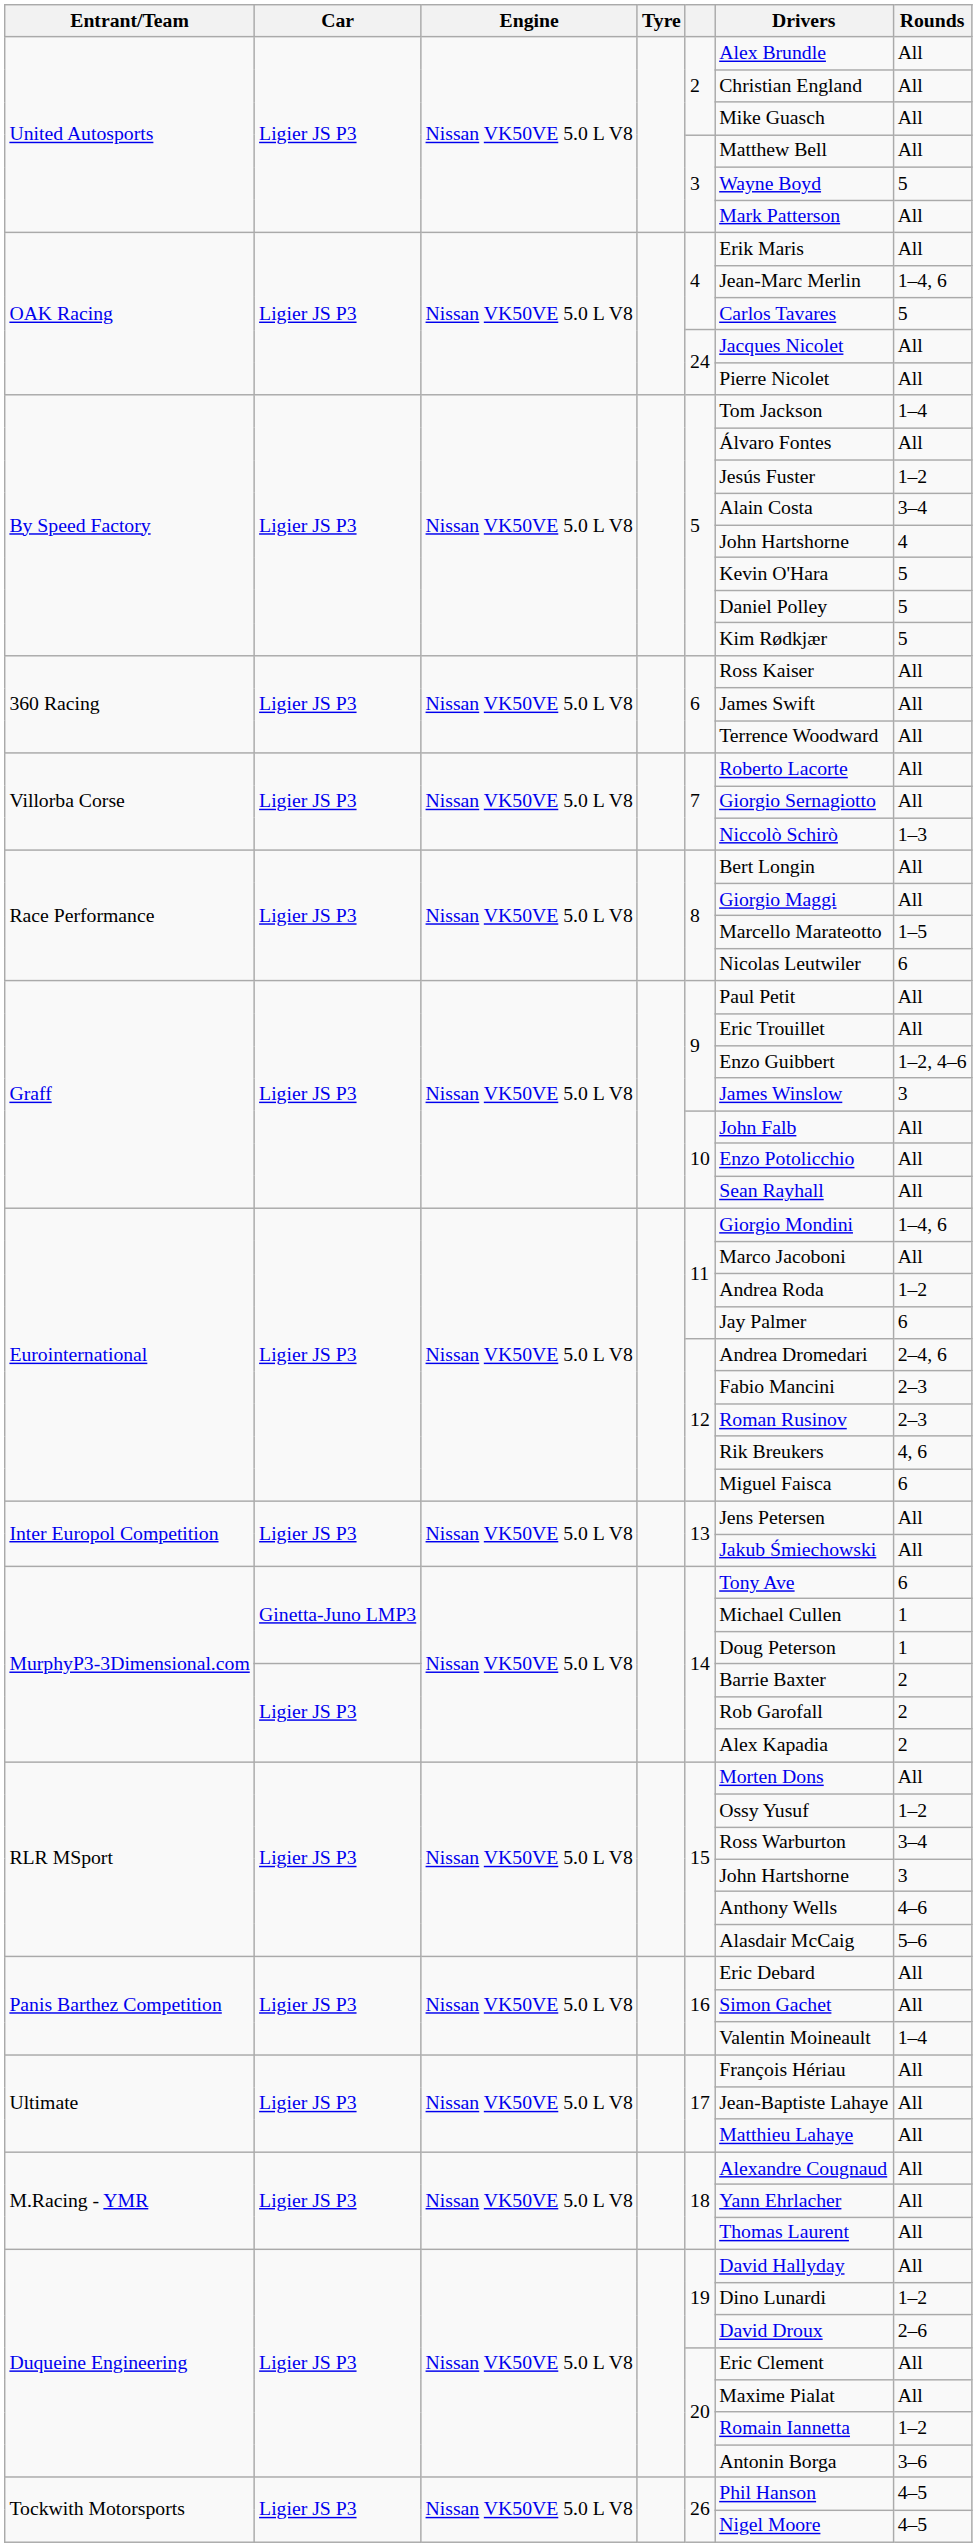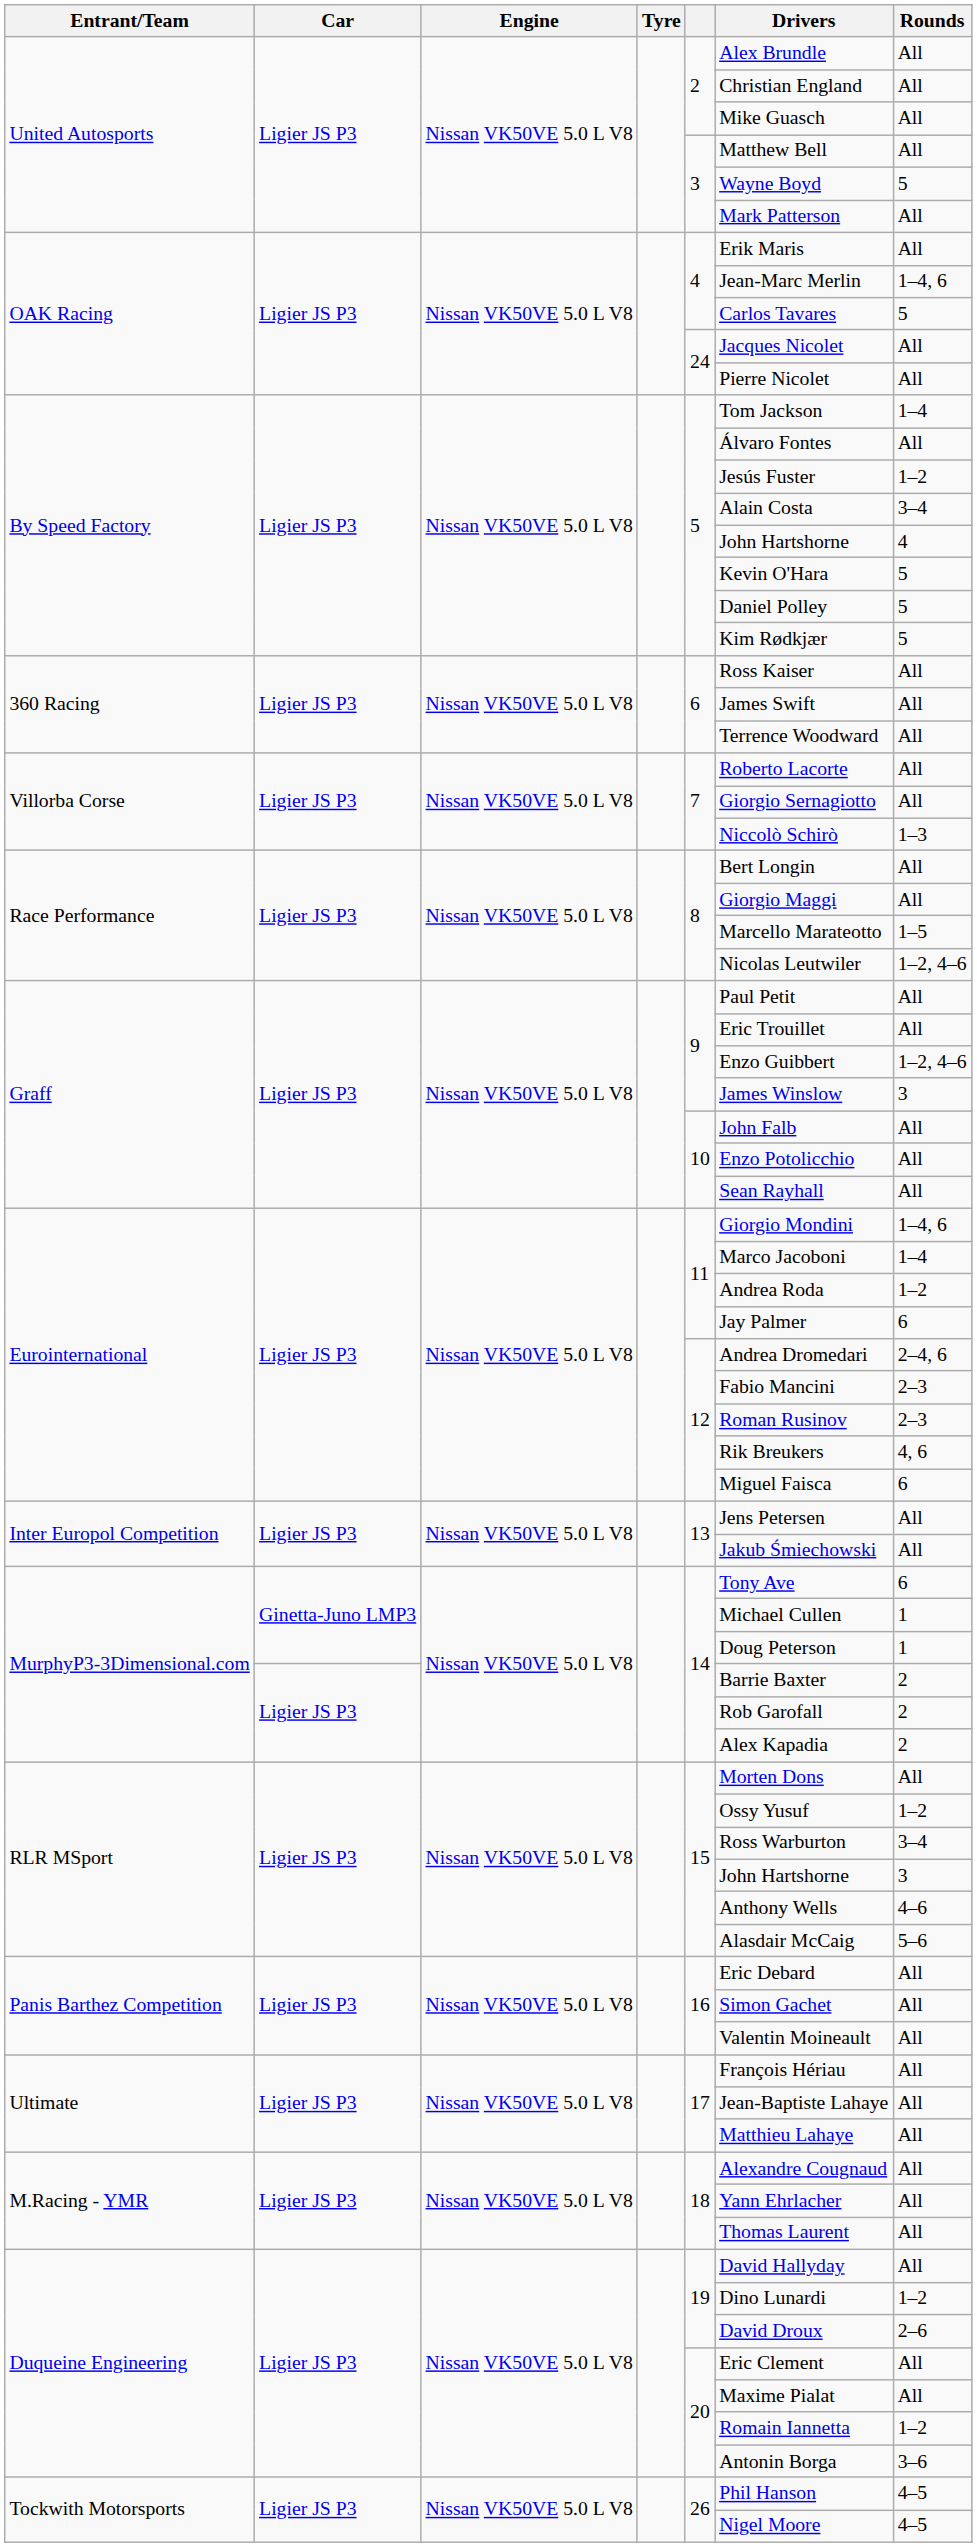 <table class="wikitable" style="font-size: 85%">
 <tr>
 <th>Entrant/Team</th>
 <th>Car</th>
 <th>Engine</th>
 <th>Tyre</th>
 <th></th>
 <th>Drivers</th>
 <th>Rounds</th>
 </tr>
 <tr>
 <td rowspan=6> <a href='#'>United Autosports</a></td>
 <td rowspan=6><a href='#'>Ligier JS P3</a></td>
 <td rowspan=6><a href='#'>Nissan</a> <a href='#'>VK50VE</a> 5.0 L V8</td>
 <td rowspan=6></td>
 <td rowspan=3>2</td>
 <td> <a href='#'>Alex Brundle</a></td>
 <td>All</td>
 </tr>
 <tr>
 <td> Christian England</td>
 <td>All</td>
 </tr>
 <tr>
 <td> Mike Guasch</td>
 <td>All</td>
 </tr>
 <tr>
 <td rowspan=3>3</td>
 <td> Matthew Bell</td>
 <td>All</td>
 </tr>
 <tr>
 <td> <a href='#'>Wayne Boyd</a></td>
 <td>5</td>
 </tr>
 <tr>
 <td> <a href='#'>Mark Patterson</a></td>
 <td>All</td>
 </tr>
 <tr>
 <td rowspan=5> <a href='#'>OAK Racing</a></td>
 <td rowspan=5><a href='#'>Ligier JS P3</a></td>
 <td rowspan=5><a href='#'>Nissan</a> <a href='#'>VK50VE</a> 5.0 L V8</td>
 <td rowspan=5></td>
 <td rowspan=3>4</td>
 <td> Erik Maris</td>
 <td>All</td>
 </tr>
 <tr>
 <td> Jean-Marc Merlin</td>
 <td>1–4, 6</td>
 </tr>
 <tr>
 <td> <a href='#'>Carlos Tavares</a></td>
 <td>5</td>
 </tr>
 <tr>
 <td rowspan=2>24</td>
 <td> <a href='#'>Jacques Nicolet</a></td>
 <td>All</td>
 </tr>
 <tr>
 <td> Pierre Nicolet</td>
 <td>All</td>
 </tr>
 <tr>
 <td rowspan=8> <a href='#'>By Speed Factory</a></td>
 <td rowspan=8><a href='#'>Ligier JS P3</a></td>
 <td rowspan=8><a href='#'>Nissan</a> <a href='#'>VK50VE</a> 5.0 L V8</td>
 <td rowspan=8></td>
 <td rowspan=8>5</td>
 <td> Tom Jackson</td>
 <td>1–4</td>
 </tr>
 <tr>
 <td> Álvaro Fontes</td>
 <td>All</td>
 </tr>
 <tr>
 <td> Jesús Fuster</td>
 <td>1–2</td>
 </tr>
 <tr>
 <td> Alain Costa</td>
 <td>3–4</td>
 </tr>
 <tr>
 <td> John Hartshorne</td>
 <td>4</td>
 </tr>
 <tr>
 <td> Kevin O'Hara</td>
 <td>5</td>
 </tr>
 <tr>
 <td> Daniel Polley</td>
 <td>5</td>
 </tr>
 <tr>
 <td> Kim Rødkjær</td>
 <td>5</td>
 </tr>
 <tr>
 <td rowspan=3> 360 Racing</td>
 <td rowspan=3><a href='#'>Ligier JS P3</a></td>
 <td rowspan=3><a href='#'>Nissan</a> <a href='#'>VK50VE</a> 5.0 L V8</td>
 <td rowspan=3></td>
 <td rowspan=3>6</td>
 <td> Ross Kaiser</td>
 <td>All</td>
 </tr>
 <tr>
 <td> James Swift</td>
 <td>All</td>
 </tr>
 <tr>
 <td> Terrence Woodward</td>
 <td>All</td>
 </tr>
 <tr>
 <td rowspan=3> Villorba Corse</td>
 <td rowspan=3><a href='#'>Ligier JS P3</a></td>
 <td rowspan=3><a href='#'>Nissan</a> <a href='#'>VK50VE</a> 5.0 L V8</td>
 <td rowspan=3></td>
 <td rowspan=3>7</td>
 <td> <a href='#'>Roberto Lacorte</a></td>
 <td>All</td>
 </tr>
 <tr>
 <td> <a href='#'>Giorgio Sernagiotto</a></td>
 <td>All</td>
 </tr>
 <tr>
 <td> <a href='#'>Niccolò Schirò</a></td>
 <td>1–3</td>
 </tr>
 <tr>
 <td rowspan=4> Race Performance</td>
 <td rowspan=4><a href='#'>Ligier JS P3</a></td>
 <td rowspan=4><a href='#'>Nissan</a> <a href='#'>VK50VE</a> 5.0 L V8</td>
 <td rowspan=4></td>
 <td rowspan=4>8</td>
 <td> Bert Longin</td>
 <td>All</td>
 </tr>
 <tr>
 <td> <a href='#'>Giorgio Maggi</a></td>
 <td>All</td>
 </tr>
 <tr>
 <td> Marcello Marateotto</td>
 <td>1–5</td>
 </tr>
 <tr>
 <td> Nicolas Leutwiler</td>
-<td>6</td>
+<td>1–2, 4–6</td>
 </tr>
 <tr>
 <td rowspan=7> <a href='#'>Graff</a></td>
 <td rowspan=7><a href='#'>Ligier JS P3</a></td>
 <td rowspan=7><a href='#'>Nissan</a> <a href='#'>VK50VE</a> 5.0 L V8</td>
 <td rowspan=7></td>
 <td rowspan=4>9</td>
 <td> Paul Petit</td>
 <td>All</td>
 </tr>
 <tr>
 <td> Eric Trouillet</td>
 <td>All</td>
 </tr>
 <tr>
 <td> Enzo Guibbert</td>
 <td>1–2, 4–6</td>
 </tr>
 <tr>
 <td> <a href='#'>James Winslow</a></td>
 <td>3</td>
 </tr>
 <tr>
 <td rowspan=3>10</td>
 <td> <a href='#'>John Falb</a></td>
 <td>All</td>
 </tr>
 <tr>
 <td> <a href='#'>Enzo Potolicchio</a></td>
 <td>All</td>
 </tr>
 <tr>
 <td> <a href='#'>Sean Rayhall</a></td>
 <td>All</td>
 </tr>
 <tr>
 <td rowspan=9> <a href='#'>Eurointernational</a></td>
 <td rowspan=9><a href='#'>Ligier JS P3</a></td>
 <td rowspan=9><a href='#'>Nissan</a> <a href='#'>VK50VE</a> 5.0 L V8</td>
 <td rowspan=9></td>
 <td rowspan=4>11</td>
 <td> <a href='#'>Giorgio Mondini</a></td>
 <td>1–4, 6</td>
 </tr>
 <tr>
 <td> Marco Jacoboni</td>
-<td>All</td>
+<td>1–4</td>
 </tr>
 <tr>
 <td> Andrea Roda</td>
 <td>1–2</td>
 </tr>
 <tr>
 <td> Jay Palmer</td>
 <td>6</td>
 </tr>
 <tr>
 <td rowspan=5>12</td>
 <td> Andrea Dromedari</td>
 <td>2–4, 6</td>
 </tr>
 <tr>
 <td> Fabio Mancini</td>
 <td>2–3</td>
 </tr>
 <tr>
 <td> <a href='#'>Roman Rusinov</a></td>
 <td>2–3</td>
 </tr>
 <tr>
 <td> Rik Breukers</td>
 <td>4, 6</td>
 </tr>
 <tr>
 <td> Miguel Faisca</td>
 <td>6</td>
 </tr>
 <tr>
 <td rowspan=2> <a href='#'>Inter Europol Competition</a></td>
 <td rowspan=2><a href='#'>Ligier JS P3</a></td>
 <td rowspan=2><a href='#'>Nissan</a> <a href='#'>VK50VE</a> 5.0 L V8</td>
 <td rowspan=2></td>
 <td rowspan=2>13</td>
 <td> Jens Petersen</td>
 <td>All</td>
 </tr>
 <tr>
 <td> <a href='#'>Jakub Śmiechowski</a></td>
 <td>All</td>
 </tr>
 <tr>
 <td rowspan=6> <a href='#'>MurphyP3-3Dimensional.com</a></td>
 <td rowspan=3><a href='#'>Ginetta-Juno LMP3</a></td>
 <td rowspan=6><a href='#'>Nissan</a> <a href='#'>VK50VE</a> 5.0 L V8</td>
 <td rowspan=6></td>
 <td rowspan=6>14</td>
 <td> <a href='#'>Tony Ave</a></td>
 <td>6</td>
 </tr>
 <tr>
 <td> Michael Cullen</td>
 <td>1</td>
 </tr>
 <tr>
 <td> Doug Peterson</td>
 <td>1</td>
 </tr>
 <tr>
 <td rowspan=3><a href='#'>Ligier JS P3</a></td>
 <td> Barrie Baxter</td>
 <td>2</td>
 </tr>
 <tr>
 <td> Rob Garofall</td>
 <td>2</td>
 </tr>
 <tr>
 <td> Alex Kapadia</td>
 <td>2</td>
 </tr>
 <tr>
 <td rowspan=6> RLR MSport</td>
 <td rowspan=6><a href='#'>Ligier JS P3</a></td>
 <td rowspan=6><a href='#'>Nissan</a> <a href='#'>VK50VE</a> 5.0 L V8</td>
 <td rowspan=6></td>
 <td rowspan=6>15</td>
 <td> <a href='#'>Morten Dons</a></td>
 <td>All</td>
 </tr>
 <tr>
 <td> Ossy Yusuf</td>
 <td>1–2</td>
 </tr>
 <tr>
 <td> Ross Warburton</td>
 <td>3–4</td>
 </tr>
 <tr>
 <td> John Hartshorne</td>
 <td>3</td>
 </tr>
 <tr>
 <td> Anthony Wells</td>
 <td>4–6</td>
 </tr>
 <tr>
 <td> Alasdair McCaig</td>
 <td>5–6</td>
 </tr>
 <tr>
 <td rowspan=3> <a href='#'>Panis Barthez Competition</a></td>
 <td rowspan=3><a href='#'>Ligier JS P3</a></td>
 <td rowspan=3><a href='#'>Nissan</a> <a href='#'>VK50VE</a> 5.0 L V8</td>
 <td rowspan=3></td>
 <td rowspan=3>16</td>
 <td> Eric Debard</td>
 <td>All</td>
 </tr>
 <tr>
 <td> <a href='#'>Simon Gachet</a></td>
 <td>All</td>
 </tr>
 <tr>
 <td> Valentin Moineault</td>
-<td>1–4</td>
+<td>All</td>
 </tr>
 <tr>
 <td rowspan=3> Ultimate</td>
 <td rowspan=3><a href='#'>Ligier JS P3</a></td>
 <td rowspan=3><a href='#'>Nissan</a> <a href='#'>VK50VE</a> 5.0 L V8</td>
 <td rowspan=3></td>
 <td rowspan=3>17</td>
 <td> François Hériau</td>
 <td>All</td>
 </tr>
 <tr>
 <td> Jean-Baptiste Lahaye</td>
 <td>All</td>
 </tr>
 <tr>
 <td> <a href='#'>Matthieu Lahaye</a></td>
 <td>All</td>
 </tr>
 <tr>
 <td rowspan=3> M.Racing - <a href='#'>YMR</a></td>
 <td rowspan=3><a href='#'>Ligier JS P3</a></td>
 <td rowspan=3><a href='#'>Nissan</a> <a href='#'>VK50VE</a> 5.0 L V8</td>
 <td rowspan=3></td>
 <td rowspan=3>18</td>
 <td> <a href='#'>Alexandre Cougnaud</a></td>
 <td>All</td>
 </tr>
 <tr>
 <td> <a href='#'>Yann Ehrlacher</a></td>
 <td>All</td>
 </tr>
 <tr>
 <td> <a href='#'>Thomas Laurent</a></td>
 <td>All</td>
 </tr>
 <tr>
 <td rowspan=7> <a href='#'>Duqueine Engineering</a></td>
 <td rowspan=7><a href='#'>Ligier JS P3</a></td>
 <td rowspan=7><a href='#'>Nissan</a> <a href='#'>VK50VE</a> 5.0 L V8</td>
 <td rowspan=7></td>
 <td rowspan=3>19</td>
 <td> <a href='#'>David Hallyday</a></td>
 <td>All</td>
 </tr>
 <tr>
 <td> Dino Lunardi</td>
 <td>1–2</td>
 </tr>
 <tr>
 <td> <a href='#'>David Droux</a></td>
 <td>2–6</td>
 </tr>
 <tr>
 <td rowspan=4>20</td>
 <td> Eric Clement</td>
 <td>All</td>
 </tr>
 <tr>
 <td> Maxime Pialat</td>
 <td>All</td>
 </tr>
 <tr>
 <td> <a href='#'>Romain Iannetta</a></td>
 <td>1–2</td>
 </tr>
 <tr>
 <td> Antonin Borga</td>
 <td>3–6</td>
 </tr>
 <tr>
 <td rowspan=2> Tockwith Motorsports</td>
 <td rowspan=2><a href='#'>Ligier JS P3</a></td>
 <td rowspan=2><a href='#'>Nissan</a> <a href='#'>VK50VE</a> 5.0 L V8</td>
 <td rowspan=2></td>
 <td rowspan=2>26</td>
 <td> <a href='#'>Phil Hanson</a></td>
 <td>4–5</td>
 </tr>
 <tr>
 <td> <a href='#'>Nigel Moore</a></td>
 <td>4–5</td>
 </tr>
 </table>
